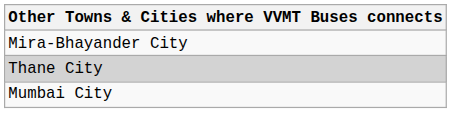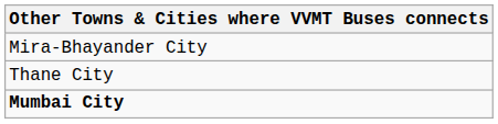 <table class="wikitable">
 <tr>
 <th colspan="3">Other Towns & Cities where VVMT Buses connects</th>
 </tr>
 <tr>
 <td>Mira-Bhayander City</td>
 </tr>
 <tr>
-<td style="background: lightgrey;">Thane City</td>
+<td>Thane City</td>
 </tr>
 <tr>
-<td>Mumbai City</td>
+<td><strong>Mumbai City</strong></td>
 </tr>
 </table>
